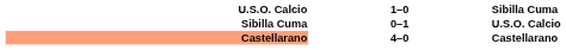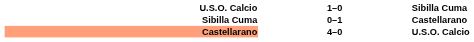 <table width="100%" cellspacing="1">
 <tr>
 <th width="20%"></th>
 <th width="12%"></th>
 <th width="20%"></th>
 <th></th>
 </tr>
 <tr style="font-size:90%;">
 <td align="right"><strong>U.S.O. Calcio</strong></td>
 <td align="center"><strong>1–0</strong></td>
 <td align="left"><strong>Sibilla Cuma</strong></td>
 </tr>
 <tr style="font-size:90%;">
 <td align="right"><strong>Sibilla Cuma</strong></td>
 <td align="center"><strong>0–1</strong></td>
-<td align="left"><strong>U.S.O. Calcio</strong></td>
+<td align="left"><strong>Castellarano</strong></td>
 </tr>
 <tr style="font-size:90%;">
 <td align="right" style="background: lightsalmon;"><strong>Castellarano</strong></td>
 <td align="center"><strong>4–0</strong></td>
-<td align="left"><strong>Castellarano</strong></td>
+<td align="left"><strong>U.S.O. Calcio</strong></td>
 </tr>
 </table>
